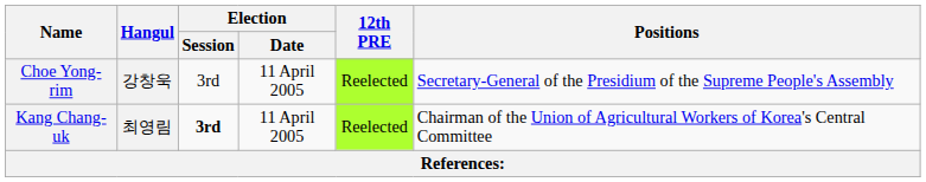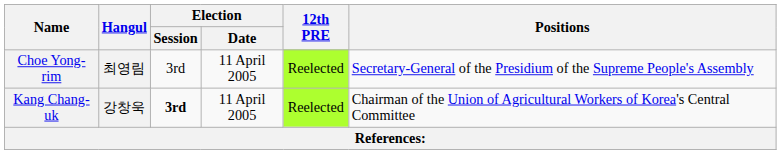 <table class="wikitable sortable">
 <tr>
 <th rowspan="2">Name</th>
 <th rowspan="2" class="unsortable"><a href='#'>Hangul</a></th>
 <th colspan="2">Election</th>
 <th rowspan="2"><a href='#'>12th PRE</a></th>
 <th rowspan="2">Positions</th>
 </tr>
 <tr>
 <th>Session</th>
 <th>Date</th>
 </tr>
 <tr>
 <th align="center" scope="row" style="font-weight:normal;"><a href='#'>Choe Yong-rim</a></th>
-<th align="center" scope="row" style="font-weight:normal;">강창욱</th>
+<th align="center" scope="row" style="font-weight:normal;">최영림</th>
 <td align="center">3rd</td>
 <td align="center">11 April 2005</td>
 <td align="center" style="background: GreenYellow">Reelected</td>
 <td><a href='#'>Secretary-General</a> of the <a href='#'>Presidium</a> of the <a href='#'>Supreme People's Assembly</a></td>
 </tr>
 <tr>
 <th align="center" scope="row" style="font-weight:normal;"><a href='#'>Kang Chang-uk</a></th>
-<th align="center" scope="row" style="font-weight:normal;">최영림</th>
+<th align="center" scope="row" style="font-weight:normal;">강창욱</th>
 <td align="center"><strong>3rd</strong></td>
 <td align="center">11 April 2005</td>
 <td align="center" style="background: GreenYellow">Reelected</td>
 <td>Chairman of the <a href='#'>Union of Agricultural Workers of Korea</a>'s Central Committee</td>
 </tr>
 <tr>
 <th colspan="8" unsortable><strong>References:</strong><br></th>
 </tr>
 </table>
